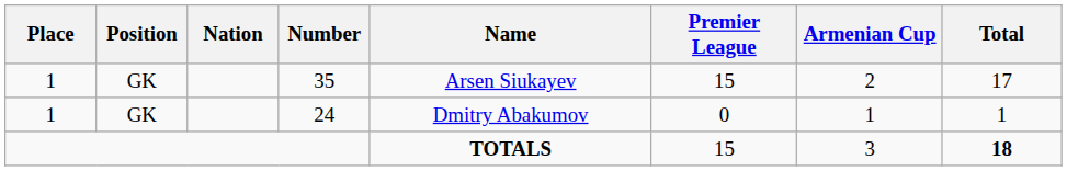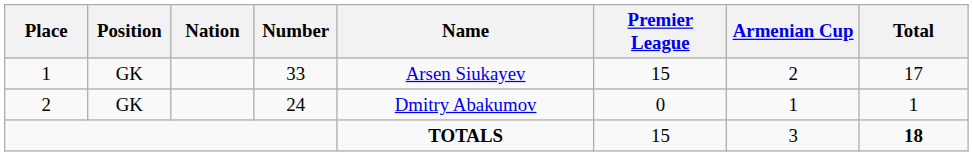 <table class="wikitable" style="font-size: 95%; text-align: center;">
 <tr>
 <th width=60>Place</th>
 <th width=60>Position</th>
 <th width=60>Nation</th>
 <th width=60>Number</th>
 <th width=200>Name</th>
 <th width=100><a href='#'>Premier League</a></th>
 <th width=100><a href='#'>Armenian Cup</a></th>
 <th width=80><strong>Total</strong></th>
 </tr>
 <tr>
 <td>1</td>
 <td>GK</td>
 <td></td>
-<td>35</td>
+<td>33</td>
 <td><a href='#'>Arsen Siukayev</a></td>
 <td>15</td>
 <td>2</td>
 <td>17</td>
 </tr>
 <tr>
-<td>1</td>
+<td>2</td>
 <td>GK</td>
 <td></td>
 <td>24</td>
 <td><a href='#'>Dmitry Abakumov</a></td>
 <td>0</td>
 <td>1</td>
 <td>1</td>
 </tr>
 <tr>
 <td colspan="4"></td>
 <td><strong>TOTALS</strong></td>
 <td>15</td>
 <td>3</td>
 <td><strong>18</strong></td>
 </tr>
 </table>
